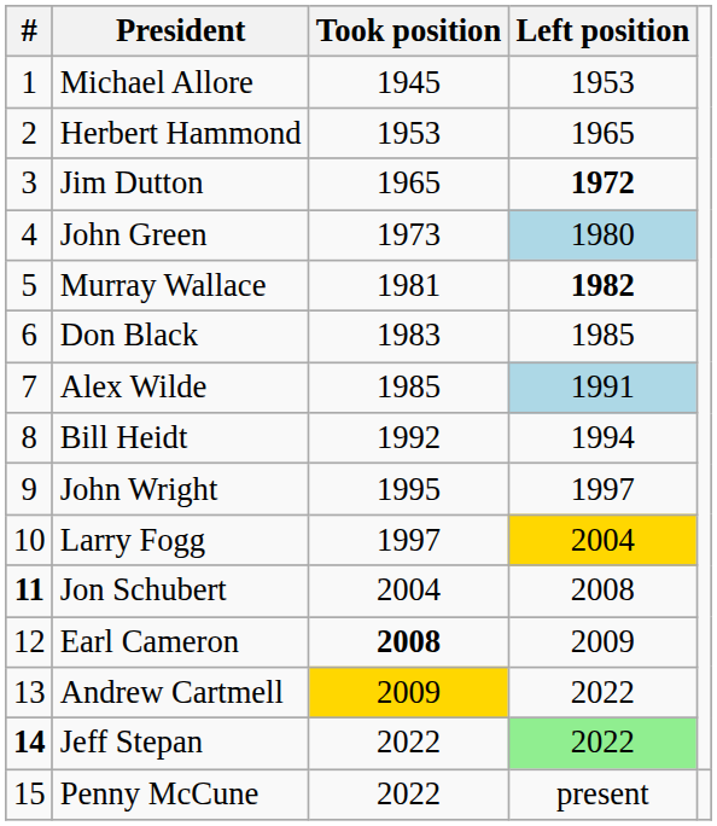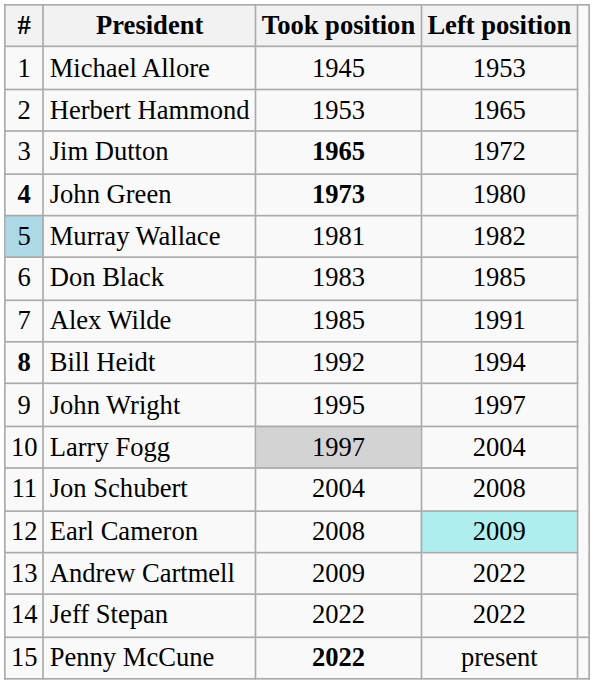 <table class="wikitable" style="text-align:center">
 <tr>
 <th>#</th>
 <th>President</th>
 <th>Took position</th>
 <th>Left position</th>
 </tr>
 <tr>
 <td>1</td>
 <td align="left">Michael Allore</td>
 <td>1945</td>
 <td>1953</td>
 </tr>
 <tr>
 <td>2</td>
 <td align="left">Herbert Hammond</td>
 <td>1953</td>
 <td>1965</td>
 </tr>
 <tr>
 <td>3</td>
 <td align="left">Jim Dutton</td>
-<td>1965</td>
-<td><strong>1972</strong></td>
+<td><strong>1965</strong></td>
+<td>1972</td>
 </tr>
 <tr>
-<td>4</td>
+<td><strong>4</strong></td>
 <td align="left">John Green</td>
-<td>1973</td>
-<td style="background: lightblue;">1980</td>
+<td><strong>1973</strong></td>
+<td>1980</td>
 </tr>
 <tr>
-<td>5</td>
+<td style="background: lightblue;">5</td>
 <td align="left">Murray Wallace</td>
 <td>1981</td>
-<td><strong>1982</strong></td>
+<td>1982</td>
 </tr>
 <tr>
 <td>6</td>
 <td align="left">Don Black</td>
 <td>1983</td>
 <td>1985</td>
 </tr>
 <tr>
 <td>7</td>
 <td align="left">Alex Wilde</td>
 <td>1985</td>
-<td style="background: lightblue;">1991</td>
+<td>1991</td>
 </tr>
 <tr>
-<td>8</td>
+<td><strong>8</strong></td>
 <td align="left">Bill Heidt</td>
 <td>1992</td>
 <td>1994</td>
 </tr>
 <tr>
 <td>9</td>
 <td align="left">John Wright</td>
 <td>1995</td>
 <td>1997</td>
 </tr>
 <tr>
 <td>10</td>
 <td align="left">Larry Fogg</td>
-<td>1997</td>
-<td style="background: gold;">2004</td>
+<td style="background: lightgrey;">1997</td>
+<td>2004</td>
 </tr>
 <tr>
-<td><strong>11</strong></td>
+<td>11</td>
 <td align="left">Jon Schubert</td>
 <td>2004</td>
 <td>2008</td>
 </tr>
 <tr>
 <td>12</td>
 <td align="left">Earl Cameron</td>
-<td><strong>2008</strong></td>
-<td>2009</td>
+<td>2008</td>
+<td style="background: paleturquoise;">2009</td>
 </tr>
 <tr>
 <td>13</td>
 <td align="left">Andrew Cartmell</td>
-<td style="background: gold;">2009</td>
+<td>2009</td>
 <td>2022</td>
 </tr>
 <tr>
-<td><strong>14</strong></td>
+<td>14</td>
 <td align="left">Jeff Stepan</td>
 <td>2022</td>
-<td style="background: lightgreen;">2022</td>
+<td>2022</td>
 </tr>
 <tr>
 <td>15</td>
 <td align="left">Penny McCune</td>
-<td>2022</td>
+<td><strong>2022</strong></td>
 <td>present</td>
 <td></td>
 </tr>
 </table>
